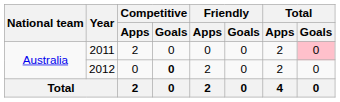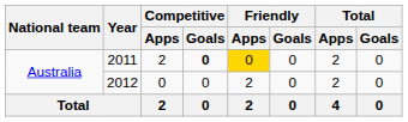 <table class="wikitable" style="text-align:center">
 <tr>
 <th rowspan="2">National team</th>
 <th rowspan="2">Year</th>
 <th colspan="2">Competitive</th>
 <th colspan="2">Friendly</th>
 <th colspan="2">Total</th>
 </tr>
 <tr>
 <th>Apps</th>
 <th>Goals</th>
 <th>Apps</th>
 <th>Goals</th>
 <th>Apps</th>
 <th>Goals</th>
 </tr>
 <tr>
 <td rowspan="2"><a href='#'>Australia</a></td>
 <td>2011</td>
 <td>2</td>
-<td>0</td>
-<td>0</td>
+<td><strong>0</strong></td>
+<td style="background: gold;">0</td>
 <td>0</td>
 <td>2</td>
-<td style="background: pink;">0</td>
+<td>0</td>
 </tr>
 <tr>
 <td>2012</td>
 <td>0</td>
-<td><strong>0</strong></td>
+<td>0</td>
 <td>2</td>
 <td>0</td>
 <td>2</td>
 <td>0</td>
 </tr>
 <tr>
 <th colspan=2>Total</th>
 <th>2</th>
 <th>0</th>
 <th>2</th>
 <th>0</th>
 <th>4</th>
 <th>0</th>
 </tr>
 </table>
